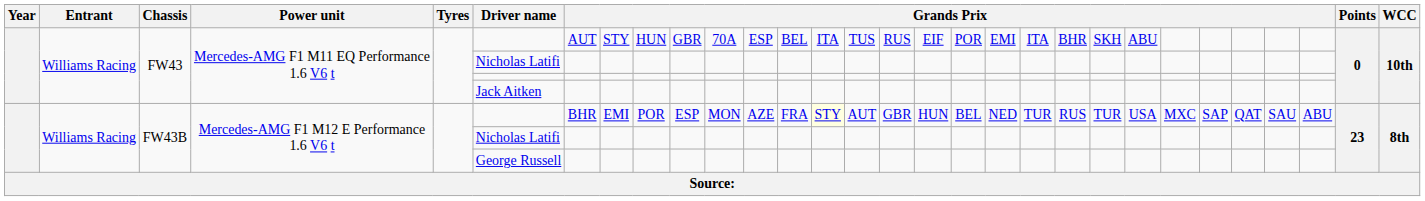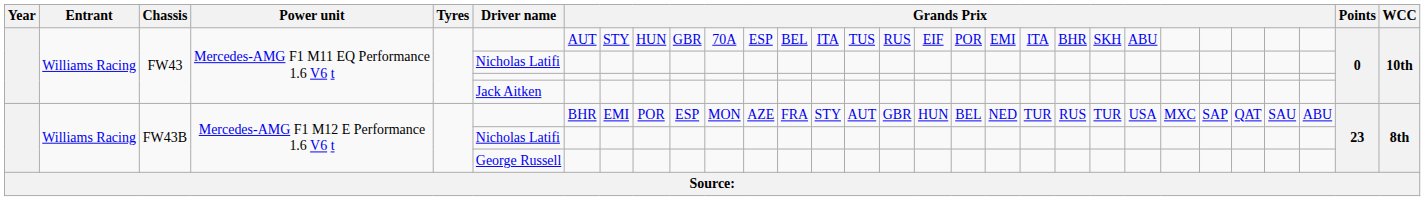 <table class="wikitable" style="text-align:center; font-size:90%">
 <tr>
 <th>Year</th>
 <th>Entrant</th>
 <th>Chassis</th>
 <th>Power unit</th>
 <th>Tyres</th>
 <th>Driver name</th>
 <th colspan="22">Grands Prix</th>
 <th>Points</th>
 <th>WCC</th>
 </tr>
 <tr>
 <th rowspan="4"></th>
 <td rowspan="4"><a href='#'>Williams Racing</a></td>
 <td rowspan="4">FW43</td>
 <td rowspan="4"><a href='#'>Mercedes-AMG</a> F1 M11 EQ Performance<br>1.6 <a href='#'>V6</a> <a href='#'>t</a></td>
 <td rowspan="4"></td>
 <td></td>
 <td><a href='#'>AUT</a></td>
 <td><a href='#'>STY</a></td>
 <td><a href='#'>HUN</a></td>
 <td><a href='#'>GBR</a></td>
 <td><a href='#'>70A</a></td>
 <td><a href='#'>ESP</a></td>
 <td><a href='#'>BEL</a></td>
 <td><a href='#'>ITA</a></td>
 <td><a href='#'>TUS</a></td>
 <td><a href='#'>RUS</a></td>
 <td><a href='#'>EIF</a></td>
 <td><a href='#'>POR</a></td>
 <td><a href='#'>EMI</a></td>
 <td><a href='#'>ITA</a></td>
 <td><a href='#'>BHR</a></td>
 <td><a href='#'>SKH</a></td>
 <td><a href='#'>ABU</a></td>
 <td></td>
 <td></td>
 <td></td>
 <td></td>
 <td></td>
 <th rowspan="4">0</th>
 <th rowspan="4">10th</th>
 </tr>
 <tr>
 <td align=left> <a href='#'>Nicholas Latifi</a></td>
 <td></td>
 <td></td>
 <td></td>
 <td></td>
 <td></td>
 <td></td>
 <td></td>
 <td></td>
 <td></td>
 <td></td>
 <td></td>
 <td></td>
 <td></td>
 <td></td>
 <td></td>
 <td></td>
 <td></td>
 <td></td>
 <td></td>
 <td></td>
 <td></td>
 <td></td>
 </tr>
 <tr>
 <td align=left></td>
 <td></td>
 <td></td>
 <td></td>
 <td></td>
 <td></td>
 <td></td>
 <td></td>
 <td></td>
 <td></td>
 <td></td>
 <td></td>
 <td></td>
 <td></td>
 <td></td>
 <td></td>
 <td></td>
 <td></td>
 <td></td>
 <td></td>
 <td></td>
 <td></td>
 <td></td>
 </tr>
 <tr>
 <td align=left> <a href='#'>Jack Aitken</a></td>
 <td></td>
 <td></td>
 <td></td>
 <td></td>
 <td></td>
 <td></td>
 <td></td>
 <td></td>
 <td></td>
 <td></td>
 <td></td>
 <td></td>
 <td></td>
 <td></td>
 <td></td>
 <td></td>
 <td></td>
 <td></td>
 <td></td>
 <td></td>
 <td></td>
 <td></td>
 </tr>
 <tr>
 <th rowspan="3"></th>
 <td rowspan="3"><a href='#'>Williams Racing</a></td>
 <td rowspan="3">FW43B</td>
 <td rowspan="3"><a href='#'>Mercedes-AMG</a> F1 M12 E Performance<br>1.6 <a href='#'>V6</a> <a href='#'>t</a></td>
 <td rowspan="3"></td>
 <td></td>
 <td><a href='#'>BHR</a></td>
 <td><a href='#'>EMI</a></td>
 <td><a href='#'>POR</a></td>
 <td><a href='#'>ESP</a></td>
 <td><a href='#'>MON</a></td>
 <td><a href='#'>AZE</a></td>
 <td><a href='#'>FRA</a></td>
-<td style="background: lightyellow;"><a href='#'>STY</a></td>
+<td><a href='#'>STY</a></td>
 <td><a href='#'>AUT</a></td>
 <td><a href='#'>GBR</a></td>
 <td><a href='#'>HUN</a></td>
 <td><a href='#'>BEL</a></td>
 <td><a href='#'>NED</a></td>
 <td><a href='#'>TUR</a></td>
 <td><a href='#'>RUS</a></td>
 <td><a href='#'>TUR</a></td>
 <td><a href='#'>USA</a></td>
 <td><a href='#'>MXC</a></td>
 <td><a href='#'>SAP</a></td>
 <td><a href='#'>QAT</a></td>
 <td><a href='#'>SAU</a></td>
 <td><a href='#'>ABU</a></td>
 <th rowspan=3>23</th>
 <th rowspan=3>8th</th>
 </tr>
 <tr>
 <td align=left> <a href='#'>Nicholas Latifi</a></td>
 <td></td>
 <td></td>
 <td></td>
 <td></td>
 <td></td>
 <td></td>
 <td></td>
 <td></td>
 <td></td>
 <td></td>
 <td></td>
 <td></td>
 <td></td>
 <td></td>
 <td></td>
 <td></td>
 <td></td>
 <td></td>
 <td></td>
 <td></td>
 <td></td>
 <td></td>
 </tr>
 <tr>
 <td align=left> <a href='#'>George Russell</a></td>
 <td></td>
 <td></td>
 <td></td>
 <td></td>
 <td></td>
 <td></td>
 <td></td>
 <td></td>
 <td></td>
 <td></td>
 <td></td>
 <td></td>
 <td></td>
 <td></td>
 <td></td>
 <td></td>
 <td></td>
 <td></td>
 <td></td>
 <td></td>
 <td></td>
 <td></td>
 </tr>
 <tr>
 <th colspan="31">Source:</th>
 </tr>
 </table>
